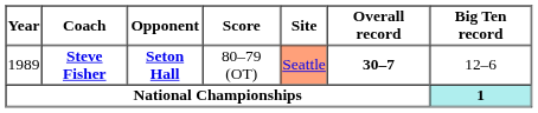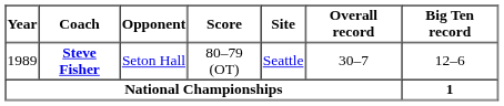 <table cellpadding="1" border="1" cellspacing="0" width="60%" style="text-align:center;">
 <tr>
 <th>Year</th>
 <th>Coach</th>
 <th>Opponent</th>
 <th>Score</th>
 <th>Site</th>
 <th>Overall record</th>
 <th>Big Ten record</th>
 </tr>
 <tr>
 <td>1989</td>
 <td><strong><a href='#'>Steve Fisher</a></strong></td>
-<td><strong><a href='#'>Seton Hall</a></strong></td>
+<td><a href='#'>Seton Hall</a></td>
 <td>80–79 (OT)</td>
-<td style="background: lightsalmon;"><a href='#'>Seattle</a></td>
-<td><strong>30–7</strong></td>
+<td><a href='#'>Seattle</a></td>
+<td>30–7</td>
 <td>12–6</td>
 </tr>
 <tr style="text-align:center; ">
 <td colspan="6"><strong>National Championships</strong></td>
-<td colspan="1" style="background: paleturquoise;"><strong>1</strong></td>
+<td colspan="1"><strong>1</strong></td>
 </tr>
 </table>
